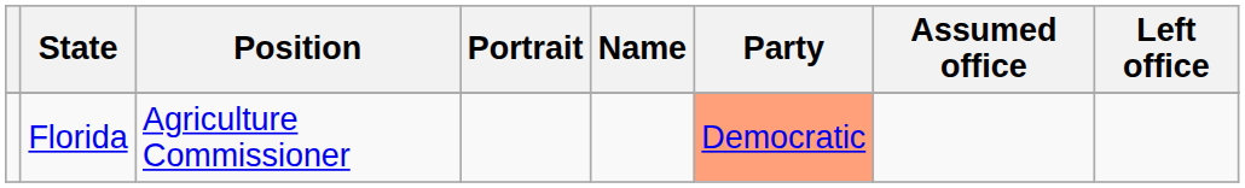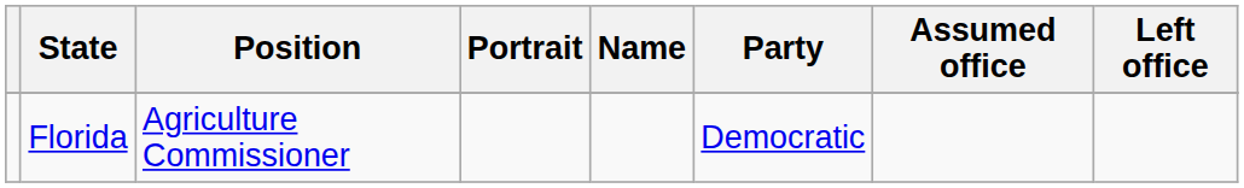 <table class="sortable wikitable">
 <tr>
 <th></th>
 <th>State</th>
 <th>Position</th>
 <th>Portrait</th>
 <th>Name</th>
 <th>Party</th>
 <th>Assumed office</th>
 <th>Left office</th>
 </tr>
 <tr>
 </tr>
 <tr>
 <td></td>
 <td><a href='#'>Florida</a></td>
 <td><a href='#'>Agriculture Commissioner</a></td>
 <td></td>
 <td></td>
-<td style="background: lightsalmon;"><a href='#'>Democratic</a></td>
+<td><a href='#'>Democratic</a></td>
 <td></td>
 <td></td>
 </tr>
 </table>
